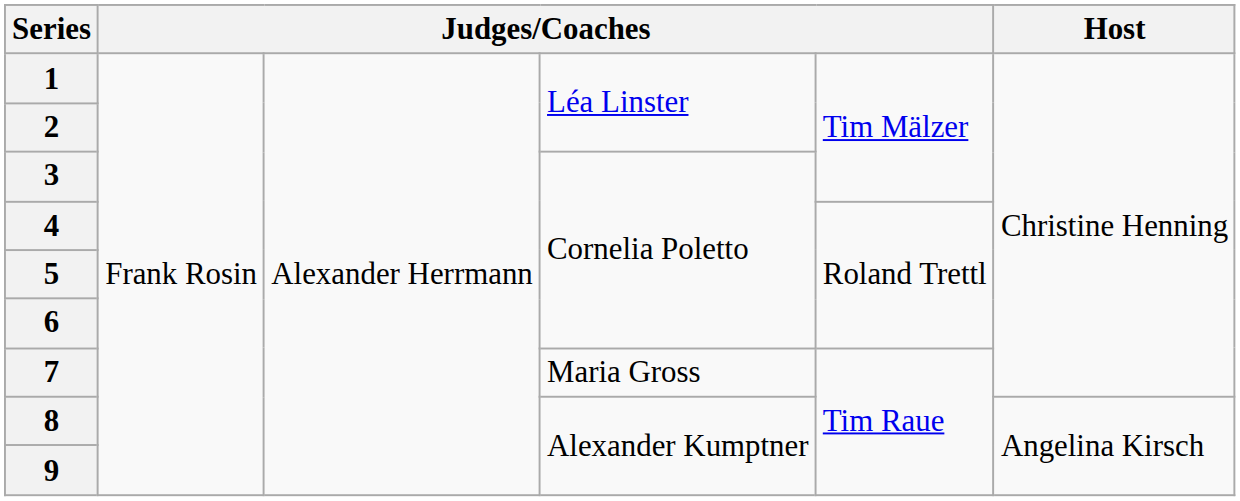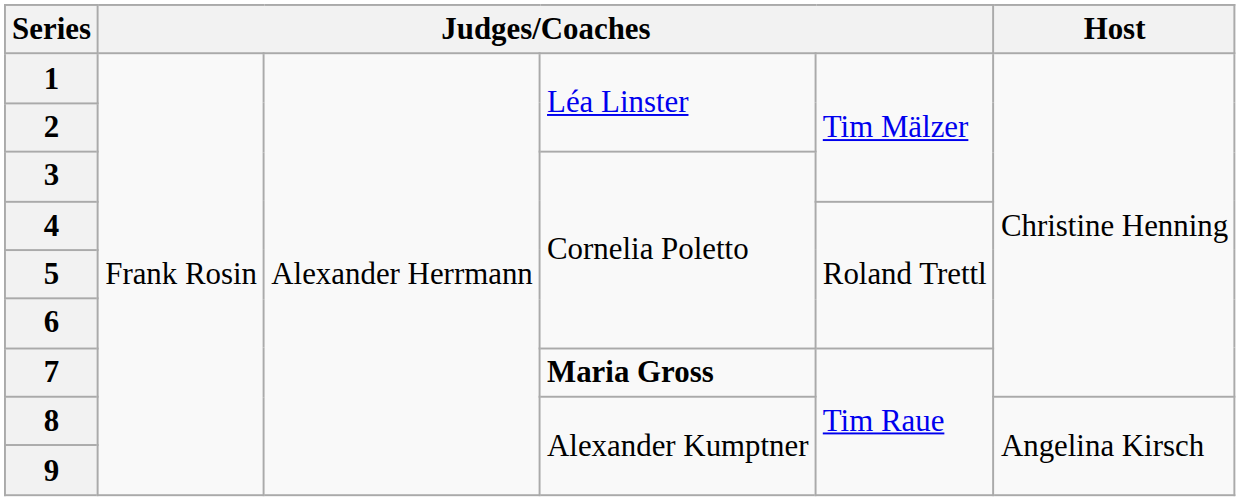 <table class="wikitable" width:"80%">
 <tr>
 <th>Series</th>
 <th colspan="4">Judges/Coaches</th>
 <th>Host</th>
 </tr>
 <tr>
 <th>1</th>
 <td rowspan="9">Frank Rosin</td>
 <td rowspan="9">Alexander Herrmann</td>
 <td rowspan="2"><a href='#'>Léa Linster</a></td>
 <td rowspan="3"><a href='#'>Tim Mälzer</a></td>
 <td rowspan="7">Christine Henning</td>
 </tr>
 <tr>
 <th>2</th>
 </tr>
 <tr>
 <th>3</th>
 <td rowspan="4">Cornelia Poletto</td>
 </tr>
 <tr>
 <th>4</th>
 <td rowspan="3">Roland Trettl</td>
 </tr>
 <tr>
 <th>5</th>
 </tr>
 <tr>
 <th>6</th>
 </tr>
 <tr>
 <th>7</th>
-<td>Maria Gross</td>
+<td><strong>Maria Gross</strong></td>
 <td rowspan="3"><a href='#'>Tim Raue</a></td>
 </tr>
 <tr>
 <th>8</th>
 <td rowspan="2">Alexander Kumptner</td>
 <td rowspan="2">Angelina Kirsch</td>
 </tr>
 <tr>
 <th>9</th>
 </tr>
 </table>
